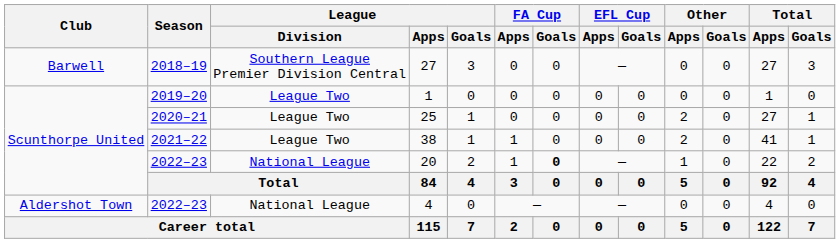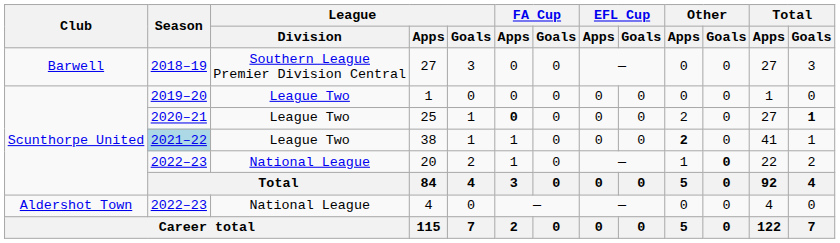 <table class="wikitable" style="text-align:center">
 <tr>
 <th rowspan="2">Club</th>
 <th rowspan="2">Season</th>
 <th colspan="3">League</th>
 <th colspan="2"><a href='#'>FA Cup</a></th>
 <th colspan="2"><a href='#'>EFL Cup</a></th>
 <th colspan="2">Other</th>
 <th colspan="2">Total</th>
 </tr>
 <tr>
 <th>Division</th>
 <th>Apps</th>
 <th>Goals</th>
 <th>Apps</th>
 <th>Goals</th>
 <th>Apps</th>
 <th>Goals</th>
 <th>Apps</th>
 <th>Goals</th>
 <th>Apps</th>
 <th>Goals</th>
 </tr>
 <tr>
 <td><a href='#'>Barwell</a></td>
 <td><a href='#'>2018–19</a></td>
 <td><a href='#'>Southern League</a><br>Premier Division Central</td>
 <td>27</td>
 <td>3</td>
 <td>0</td>
 <td>0</td>
 <td colspan="2">—</td>
 <td>0</td>
 <td>0</td>
 <td>27</td>
 <td>3</td>
 </tr>
 <tr>
 <td rowspan="5"><a href='#'>Scunthorpe United</a></td>
 <td><a href='#'>2019–20</a></td>
 <td><a href='#'>League Two</a></td>
 <td>1</td>
 <td>0</td>
 <td>0</td>
 <td>0</td>
 <td>0</td>
 <td>0</td>
 <td>0</td>
 <td>0</td>
 <td>1</td>
 <td>0</td>
 </tr>
 <tr>
 <td><a href='#'>2020–21</a></td>
 <td>League Two</td>
 <td>25</td>
 <td>1</td>
-<td>0</td>
+<td><strong>0</strong></td>
 <td>0</td>
 <td>0</td>
 <td>0</td>
 <td>2</td>
 <td>0</td>
 <td>27</td>
-<td>1</td>
+<td><strong>1</strong></td>
 </tr>
 <tr>
-<td><a href='#'>2021–22</a></td>
+<td style="background: lightblue;"><a href='#'>2021–22</a></td>
 <td>League Two</td>
 <td>38</td>
 <td>1</td>
 <td>1</td>
 <td>0</td>
 <td>0</td>
 <td>0</td>
-<td>2</td>
+<td><strong>2</strong></td>
 <td>0</td>
 <td>41</td>
 <td>1</td>
 </tr>
 <tr>
 <td><a href='#'>2022–23</a></td>
 <td><a href='#'>National League</a></td>
 <td>20</td>
 <td>2</td>
 <td>1</td>
-<td><strong>0</strong></td>
+<td>0</td>
 <td colspan="2">—</td>
 <td>1</td>
-<td>0</td>
+<td><strong>0</strong></td>
 <td>22</td>
 <td>2</td>
 </tr>
 <tr>
 <th colspan="2">Total</th>
 <th>84</th>
 <th>4</th>
 <th>3</th>
 <th>0</th>
 <th>0</th>
 <th>0</th>
 <th>5</th>
 <th>0</th>
 <th>92</th>
 <th>4</th>
 </tr>
 <tr>
 <td><a href='#'>Aldershot Town</a></td>
 <td><a href='#'>2022–23</a></td>
 <td>National League</td>
 <td>4</td>
 <td>0</td>
 <td colspan="2">—</td>
 <td colspan="2">—</td>
 <td>0</td>
 <td>0</td>
 <td>4</td>
 <td>0</td>
 </tr>
 <tr>
 <th colspan="3">Career total</th>
 <th>115</th>
 <th>7</th>
 <th>2</th>
 <th>0</th>
 <th>0</th>
 <th>0</th>
 <th>5</th>
 <th>0</th>
 <th>122</th>
 <th>7</th>
 </tr>
 </table>
